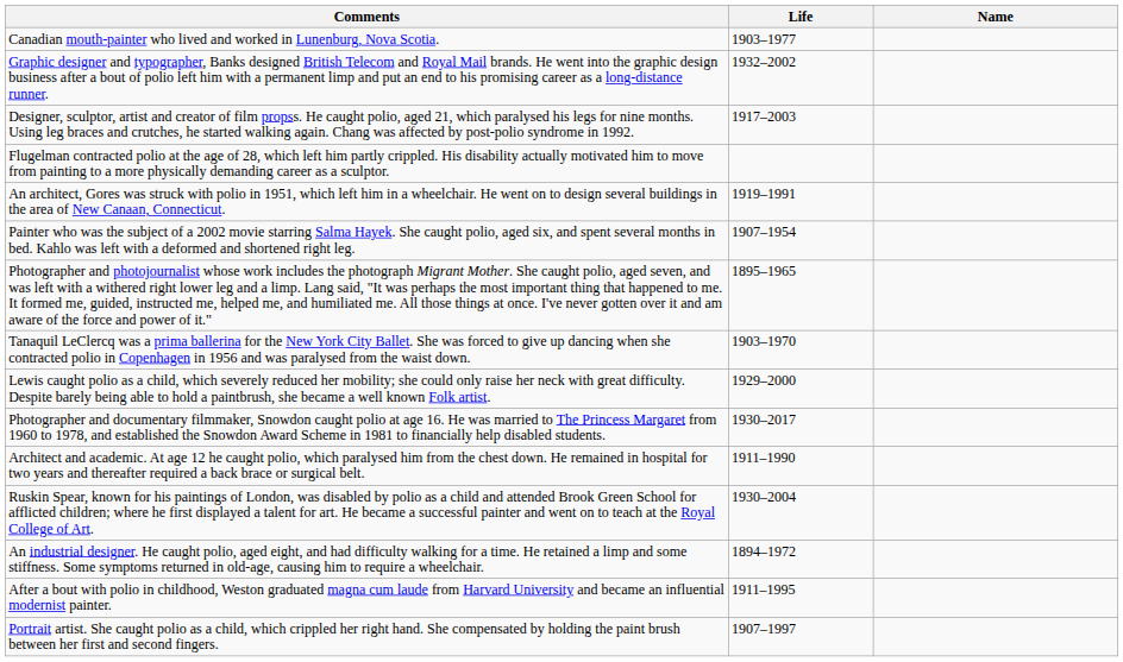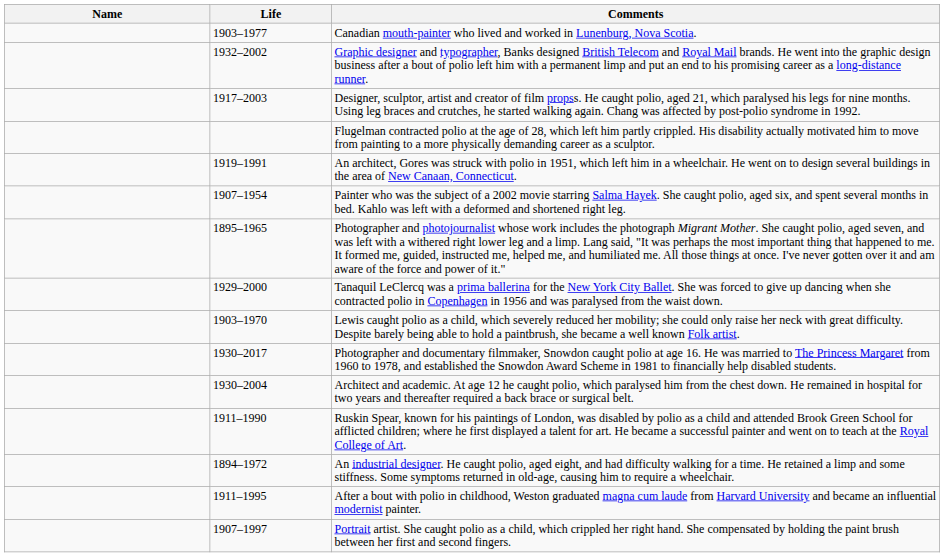 <table class="sortable wikitable">
 <tr>
+<th width="22%">Name</th>
+<th width="13%">Life</th>
 <th class="unsortable" width="65%">Comments</th>
-<th width="13%">Life</th>
-<th width="22%">Name</th>
 </tr>
 <tr valign="top">
+<td></td>
+<td>1903–1977</td>
 <td>Canadian <a href='#'>mouth-painter</a> who lived and worked in <a href='#'>Lunenburg, Nova Scotia</a>.</td>
-<td>1903–1977</td>
-<td></td>
 </tr>
 <tr valign="top">
+<td></td>
+<td>1932–2002</td>
 <td><a href='#'>Graphic designer</a> and <a href='#'>typographer</a>, Banks designed <a href='#'>British Telecom</a> and <a href='#'>Royal Mail</a> brands. He went into the graphic design business after a bout of polio left him with a permanent limp and put an end to his promising career as a <a href='#'>long-distance runner</a>.</td>
-<td>1932–2002</td>
-<td></td>
 </tr>
 <tr valign="top">
+<td></td>
+<td>1917–2003</td>
 <td>Designer, sculptor, artist and creator of film <a href='#'>props</a>s. He caught polio, aged 21, which paralysed his legs for nine months. Using leg braces and crutches, he started walking again. Chang was affected by post-polio syndrome in 1992.</td>
-<td>1917–2003</td>
-<td></td>
 </tr>
 <tr valign="top">
-<td>Flugelman contracted polio at the age of 28, which left him partly crippled. His disability actually motivated him to move from painting to a more physically demanding career as a sculptor.</td>
 <td></td>
 <td></td>
+<td>Flugelman contracted polio at the age of 28, which left him partly crippled. His disability actually motivated him to move from painting to a more physically demanding career as a sculptor.</td>
 </tr>
 <tr valign="top">
+<td></td>
+<td>1919–1991</td>
 <td>An architect, Gores was struck with polio in 1951, which left him in a wheelchair. He went on to design several buildings in the area of <a href='#'>New Canaan, Connecticut</a>.</td>
-<td>1919–1991</td>
-<td></td>
 </tr>
 <tr valign="top">
+<td></td>
+<td>1907–1954</td>
 <td>Painter who was the subject of a 2002 movie starring <a href='#'>Salma Hayek</a>. She caught polio, aged six, and spent several months in bed. Kahlo was left with a deformed and shortened right leg.</td>
-<td>1907–1954</td>
-<td></td>
 </tr>
 <tr valign="top">
+<td></td>
+<td>1895–1965</td>
 <td>Photographer and <a href='#'>photojournalist</a> whose work includes the photograph <em>Migrant Mother</em>. She caught polio, aged seven, and was left with a withered right lower leg and a limp. Lang said, "It was perhaps the most important thing that happened to me. It formed me, guided, instructed me, helped me, and humiliated me. All those things at once. I've never gotten over it and am aware of the force and power of it."</td>
-<td>1895–1965</td>
-<td></td>
 </tr>
 <tr valign="top">
+<td></td>
+<td>1929–2000</td>
 <td>Tanaquil LeClercq was a <a href='#'>prima ballerina</a> for the <a href='#'>New York City Ballet</a>. She was forced to give up dancing when she contracted polio in <a href='#'>Copenhagen</a> in 1956 and was paralysed from the waist down.</td>
-<td>1903–1970</td>
-<td></td>
 </tr>
 <tr valign="top">
+<td></td>
+<td>1903–1970</td>
 <td>Lewis caught polio as a child, which severely reduced her mobility; she could only raise her neck with great difficulty. Despite barely being able to hold a paintbrush, she became a well known <a href='#'>Folk artist</a>.</td>
-<td>1929–2000</td>
-<td></td>
 </tr>
 <tr valign="top">
+<td></td>
+<td>1930–2017</td>
 <td>Photographer and documentary filmmaker, Snowdon caught polio at age 16. He was married to <a href='#'>The Princess Margaret</a> from 1960 to 1978, and established the Snowdon Award Scheme in 1981 to financially help disabled students.</td>
-<td>1930–2017</td>
-<td></td>
 </tr>
 <tr valign="top">
+<td></td>
+<td>1930–2004</td>
 <td>Architect and academic. At age 12 he caught polio, which paralysed him from the chest down. He remained in hospital for two years and thereafter required a back brace or surgical belt.</td>
-<td>1911–1990</td>
-<td></td>
 </tr>
 <tr valign="top">
+<td></td>
+<td>1911–1990</td>
 <td>Ruskin Spear, known for his paintings of London, was disabled by polio as a child and attended Brook Green School for afflicted children; where he first displayed a talent for art. He became a successful painter and went on to teach at the <a href='#'>Royal College of Art</a>.</td>
-<td>1930–2004</td>
-<td></td>
 </tr>
 <tr valign="top">
+<td></td>
+<td>1894–1972</td>
 <td>An <a href='#'>industrial designer</a>. He caught polio, aged eight, and had difficulty walking for a time. He retained a limp and some stiffness. Some symptoms returned in old-age, causing him to require a wheelchair.</td>
-<td>1894–1972</td>
-<td></td>
 </tr>
 <tr valign="top">
+<td></td>
+<td>1911–1995</td>
 <td>After a bout with polio in childhood, Weston graduated <a href='#'>magna cum laude</a> from <a href='#'>Harvard University</a> and became an influential <a href='#'>modernist</a> painter.</td>
-<td>1911–1995</td>
-<td></td>
 </tr>
 <tr valign="top">
+<td></td>
+<td>1907–1997</td>
 <td><a href='#'>Portrait</a> artist. She caught polio as a child, which crippled her right hand. She compensated by holding the paint brush between her first and second fingers.</td>
-<td>1907–1997</td>
-<td></td>
 </tr>
 </table>
